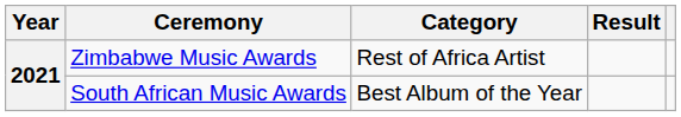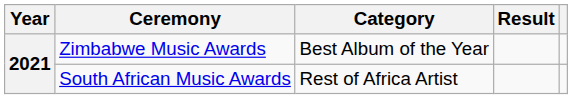 <table class="wikitable sortable plainrowheaders">
 <tr>
 <th scope="col">Year</th>
 <th scope="col">Ceremony</th>
 <th scope="col">Category</th>
 <th scope="col">Result</th>
 <th scope="col" class="unsortable"></th>
 </tr>
 <tr>
 <th rowspan="2">2021</th>
 <td><a href='#'>Zimbabwe Music Awards</a></td>
-<td>Rest of Africa Artist</td>
+<td>Best Album of the Year</td>
 <td></td>
 <td></td>
 </tr>
 <tr>
 <td><a href='#'>South African Music Awards</a></td>
-<td>Best Album of the Year</td>
+<td>Rest of Africa Artist</td>
 <td></td>
 <td></td>
 </tr>
 </table>
